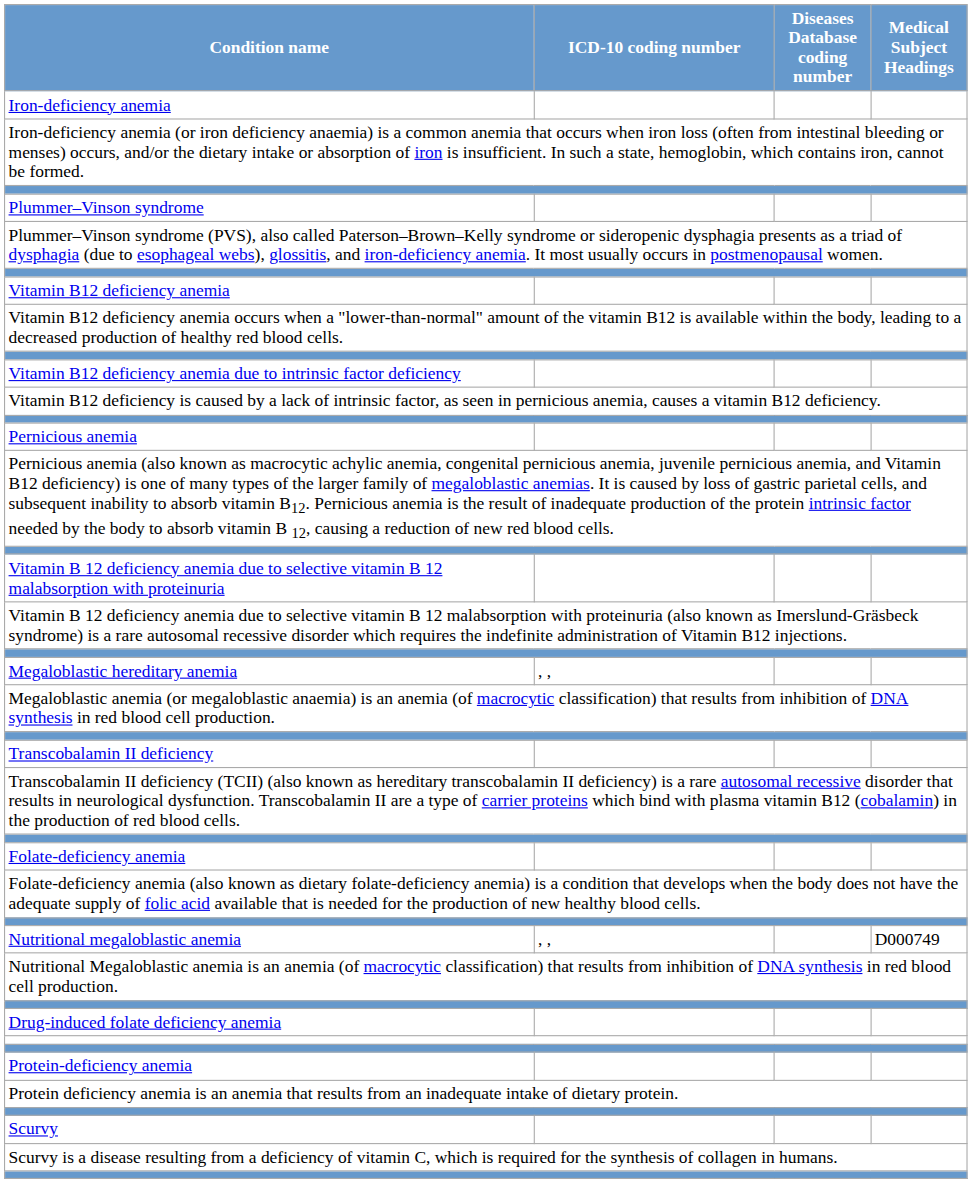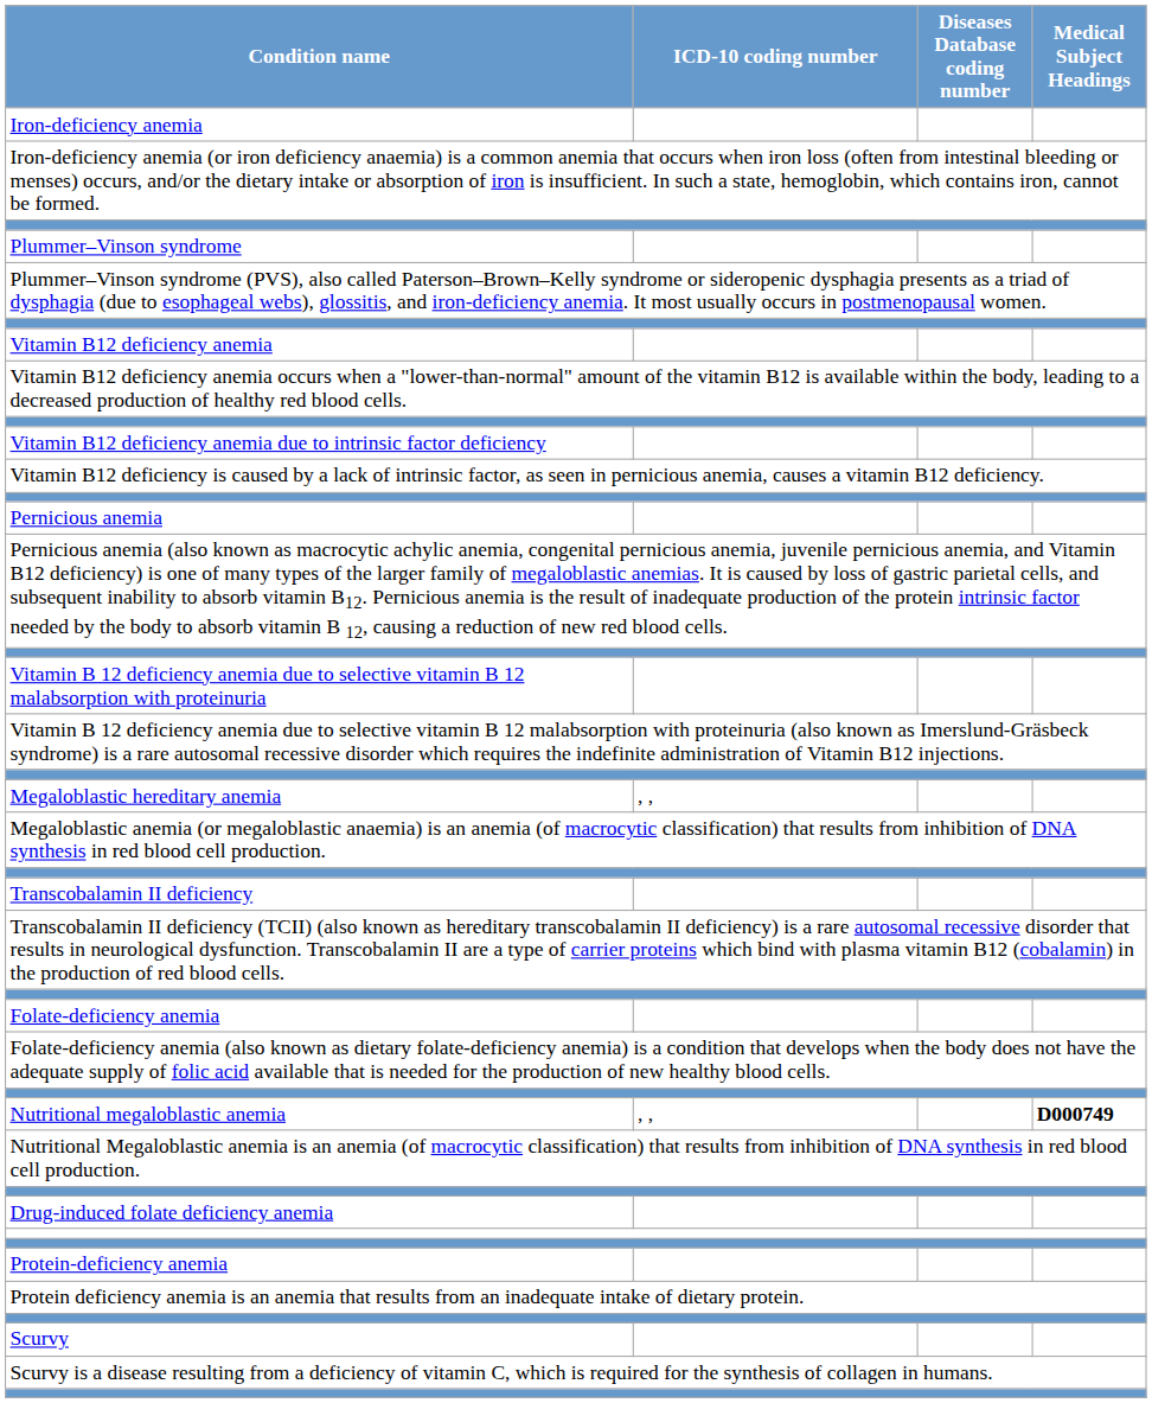 <table class="wikitable" style="width:100%; margin-right:auto; background: #FFFFFF;">
 <tr style="color:white">
 <th style="background-color:#6699CC; width:55%">Condition name</th>
 <th style="background-color:#6699CC; width:25%">ICD-10 coding number</th>
 <th style="background-color:#6699CC; width:10%">Diseases Database coding number</th>
 <th style="background-color:#6699CC; width:10%">Medical Subject Headings</th>
 </tr>
 <tr>
 <td><a href='#'>Iron-deficiency anemia</a></td>
 <td></td>
 <td></td>
 <td></td>
 </tr>
 <tr>
 <td colspan="6">Iron-deficiency anemia (or iron deficiency anaemia) is a common anemia that occurs when iron loss (often from intestinal bleeding or menses) occurs, and/or the dietary intake or absorption of <a href='#'>iron</a> is insufficient. In such a state, hemoglobin, which contains iron, cannot be formed.</td>
 </tr>
 <tr>
 <td colspan="6" bgcolor="#6699CC"></td>
 </tr>
 <tr>
 <td><a href='#'>Plummer–Vinson syndrome</a></td>
 <td></td>
 <td></td>
 <td></td>
 </tr>
 <tr>
 <td colspan="6">Plummer–Vinson syndrome (PVS), also called Paterson–Brown–Kelly syndrome or sideropenic dysphagia presents as a triad of <a href='#'>dysphagia</a> (due to <a href='#'>esophageal webs</a>), <a href='#'>glossitis</a>, and <a href='#'>iron-deficiency anemia</a>. It most usually occurs in <a href='#'>postmenopausal</a> women.</td>
 </tr>
 <tr>
 <td colspan="6" bgcolor="#6699CC"></td>
 </tr>
 <tr>
 <td><a href='#'>Vitamin B12 deficiency anemia</a></td>
 <td></td>
 <td></td>
 <td></td>
 </tr>
 <tr>
 <td colspan="6">Vitamin B12 deficiency anemia occurs when a "lower-than-normal" amount of the vitamin B12 is available within the body, leading to a decreased production of healthy red blood cells.</td>
 </tr>
 <tr>
 <td colspan="6" bgcolor="#6699CC"></td>
 </tr>
 <tr>
 <td><a href='#'>Vitamin B12 deficiency anemia due to intrinsic factor deficiency</a></td>
 <td></td>
 <td></td>
 <td></td>
 </tr>
 <tr>
 <td colspan="6">Vitamin B12 deficiency is caused by a lack of intrinsic factor, as seen in pernicious anemia, causes a vitamin B12 deficiency.</td>
 </tr>
 <tr>
 <td colspan="6" bgcolor="#6699CC"></td>
 </tr>
 <tr>
 <td><a href='#'>Pernicious anemia</a></td>
 <td></td>
 <td></td>
 <td></td>
 </tr>
 <tr>
 <td colspan="6">Pernicious anemia (also known as macrocytic achylic anemia, congenital pernicious anemia, juvenile pernicious anemia, and Vitamin B12 deficiency) is one of many types of the larger family of <a href='#'>megaloblastic anemias</a>. It is caused by loss of gastric parietal cells, and subsequent inability to absorb vitamin B<sub>12</sub>. Pernicious anemia is the result of inadequate production of the protein <a href='#'>intrinsic factor</a> needed by the body to absorb vitamin B <sub>12</sub>, causing a reduction of new red blood cells.</td>
 </tr>
 <tr>
 <td colspan="6" bgcolor="#6699CC"></td>
 </tr>
 <tr>
 <td><a href='#'>Vitamin B 12 deficiency anemia due to selective vitamin B 12 malabsorption with proteinuria</a></td>
 <td></td>
 <td></td>
 <td></td>
 </tr>
 <tr>
 <td colspan="6">Vitamin B 12 deficiency anemia due to selective vitamin B 12 malabsorption with proteinuria (also known as Imerslund-Gräsbeck syndrome) is a rare autosomal recessive disorder which requires the indefinite administration of Vitamin B12 injections.</td>
 </tr>
 <tr>
 <td colspan="6" bgcolor="#6699CC"></td>
 </tr>
 <tr>
 <td><a href='#'>Megaloblastic hereditary anemia</a></td>
 <td>, , </td>
 <td></td>
 <td></td>
 </tr>
 <tr>
 <td colspan="6">Megaloblastic anemia (or megaloblastic anaemia) is an anemia (of <a href='#'>macrocytic</a> classification) that results from inhibition of <a href='#'>DNA synthesis</a> in red blood cell production.</td>
 </tr>
 <tr>
 <td colspan="6" bgcolor="#6699CC"></td>
 </tr>
 <tr>
 <td><a href='#'>Transcobalamin II deficiency</a></td>
 <td></td>
 <td></td>
 <td></td>
 </tr>
 <tr>
 <td colspan="6">Transcobalamin II deficiency (TCII) (also known as hereditary transcobalamin II deficiency) is a rare <a href='#'>autosomal recessive</a> disorder that results in neurological dysfunction. Transcobalamin II are a type of <a href='#'>carrier proteins</a> which bind with plasma vitamin B12 (<a href='#'>cobalamin</a>) in the production of red blood cells.</td>
 </tr>
 <tr>
 <td colspan="6" bgcolor="#6699CC"></td>
 </tr>
 <tr>
 <td><a href='#'>Folate-deficiency anemia</a></td>
 <td> </td>
 <td></td>
 <td></td>
 </tr>
 <tr>
 <td colspan="6">Folate-deficiency anemia (also known as dietary folate-deficiency anemia) is a condition that develops when the body does not have the adequate supply of <a href='#'>folic acid</a> available that is needed for the production of new healthy blood cells.</td>
 </tr>
 <tr>
 <td colspan="6" bgcolor="#6699CC"></td>
 </tr>
 <tr>
 <td><a href='#'>Nutritional megaloblastic anemia</a></td>
 <td>, , </td>
 <td></td>
-<td>D000749</td>
+<td><strong>D000749</strong></td>
 </tr>
 <tr>
 <td colspan="6">Nutritional Megaloblastic anemia is an anemia (of <a href='#'>macrocytic</a> classification) that results from inhibition of <a href='#'>DNA synthesis</a> in red blood cell production.</td>
 </tr>
 <tr>
 <td colspan="6" bgcolor="#6699CC"></td>
 </tr>
 <tr>
 <td><a href='#'>Drug-induced folate deficiency anemia</a></td>
 <td></td>
 <td></td>
 <td></td>
 </tr>
 <tr>
 <td colspan="6"></td>
 </tr>
 <tr>
 <td colspan="6" bgcolor="#6699CC"></td>
 </tr>
 <tr>
 <td><a href='#'>Protein-deficiency anemia</a></td>
 <td></td>
 <td></td>
 <td></td>
 </tr>
 <tr>
 <td colspan="6">Protein deficiency anemia is an anemia that results from an inadequate intake of dietary protein.</td>
 </tr>
 <tr>
 <td colspan="6" bgcolor="#6699CC"></td>
 </tr>
 <tr>
 <td><a href='#'>Scurvy</a></td>
 <td></td>
 <td></td>
 <td></td>
 </tr>
 <tr>
 <td colspan="6">Scurvy is a disease resulting from a deficiency of vitamin C, which is required for the synthesis of collagen in humans.</td>
 </tr>
 <tr>
 <td colspan="6" bgcolor="#6699CC"></td>
 </tr>
 <tr>
 </tr>
 </table>
